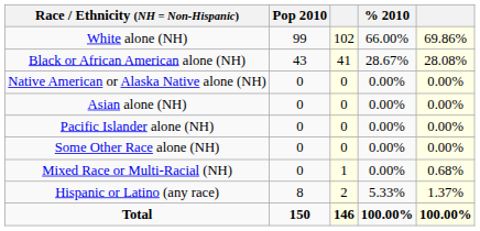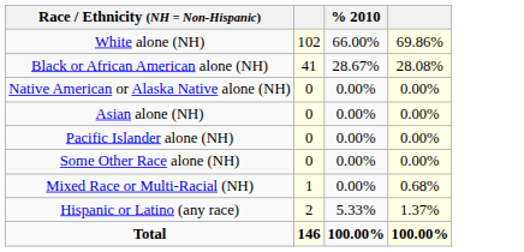 <table class="wikitable" style="text-align:center;">
 <tr>
 <th>Race / Ethnicity <small>(<em>NH = Non-Hispanic</em>)</small></th>
-<th>Pop 2010</th>
 <th></th>
 <th>% 2010</th>
 <th></th>
 </tr>
 <tr>
 <td><a href='#'>White</a> alone (NH)</td>
-<td>99</td>
 <td style='background: #ffffe6;'>102</td>
 <td>66.00%</td>
 <td style='background: #ffffe6;'>69.86%</td>
 </tr>
 <tr>
 <td><a href='#'>Black or African American</a> alone (NH)</td>
-<td>43</td>
 <td style='background: #ffffe6;'>41</td>
 <td>28.67%</td>
 <td style='background: #ffffe6;'>28.08%</td>
 </tr>
 <tr>
 <td><a href='#'>Native American</a> or <a href='#'>Alaska Native</a> alone (NH)</td>
-<td>0</td>
 <td style='background: #ffffe6;'>0</td>
 <td>0.00%</td>
 <td style='background: #ffffe6;'>0.00%</td>
 </tr>
 <tr>
 <td><a href='#'>Asian</a> alone (NH)</td>
-<td>0</td>
 <td style='background: #ffffe6;'>0</td>
 <td>0.00%</td>
 <td style='background: #ffffe6;'>0.00%</td>
 </tr>
 <tr>
 <td><a href='#'>Pacific Islander</a> alone (NH)</td>
-<td>0</td>
 <td style='background: #ffffe6;'>0</td>
 <td>0.00%</td>
 <td style='background: #ffffe6;'>0.00%</td>
 </tr>
 <tr>
 <td><a href='#'>Some Other Race</a> alone (NH)</td>
-<td>0</td>
 <td style='background: #ffffe6;'>0</td>
 <td>0.00%</td>
 <td style='background: #ffffe6;'>0.00%</td>
 </tr>
 <tr>
 <td><a href='#'>Mixed Race or Multi-Racial</a> (NH)</td>
-<td>0</td>
 <td style='background: #ffffe6;'>1</td>
 <td>0.00%</td>
 <td style='background: #ffffe6;'>0.68%</td>
 </tr>
 <tr>
 <td><a href='#'>Hispanic or Latino</a> (any race)</td>
-<td>8</td>
 <td style='background: #ffffe6;'>2</td>
 <td>5.33%</td>
 <td style='background: #ffffe6;'>1.37%</td>
 </tr>
 <tr>
 <td><strong>Total</strong></td>
-<td><strong>150</strong></td>
 <td style='background: #ffffe6;'><strong>146</strong></td>
 <td><strong>100.00%</strong></td>
 <td style='background: #ffffe6;'><strong>100.00%</strong></td>
 </tr>
 </table>
